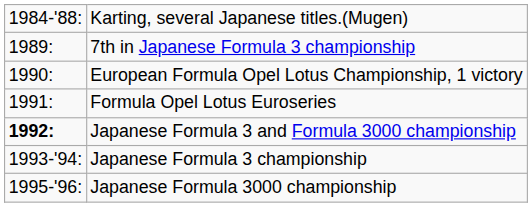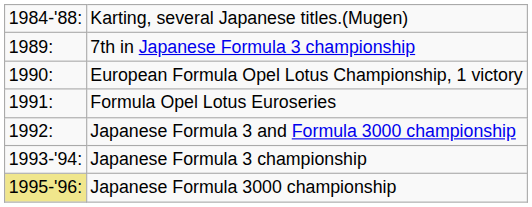 <table class="wikitable">
 <tr>
 <td>1984-'88:</td>
 <td>Karting, several Japanese titles.(Mugen)</td>
 </tr>
 <tr>
 <td>1989:</td>
 <td>7th in <a href='#'>Japanese Formula 3 championship</a></td>
 </tr>
 <tr>
 <td>1990:</td>
 <td>European Formula Opel Lotus Championship, 1 victory</td>
 </tr>
 <tr>
 <td>1991:</td>
 <td>Formula Opel Lotus Euroseries</td>
 </tr>
 <tr>
-<td><strong>1992:</strong></td>
+<td>1992:</td>
 <td>Japanese Formula 3 and <a href='#'>Formula 3000 championship</a></td>
 </tr>
 <tr>
 <td>1993-'94:</td>
 <td>Japanese Formula 3 championship</td>
 </tr>
 <tr>
-<td>1995-'96:</td>
+<td style="background: khaki;">1995-'96:</td>
 <td>Japanese Formula 3000 championship</td>
 </tr>
 </table>
